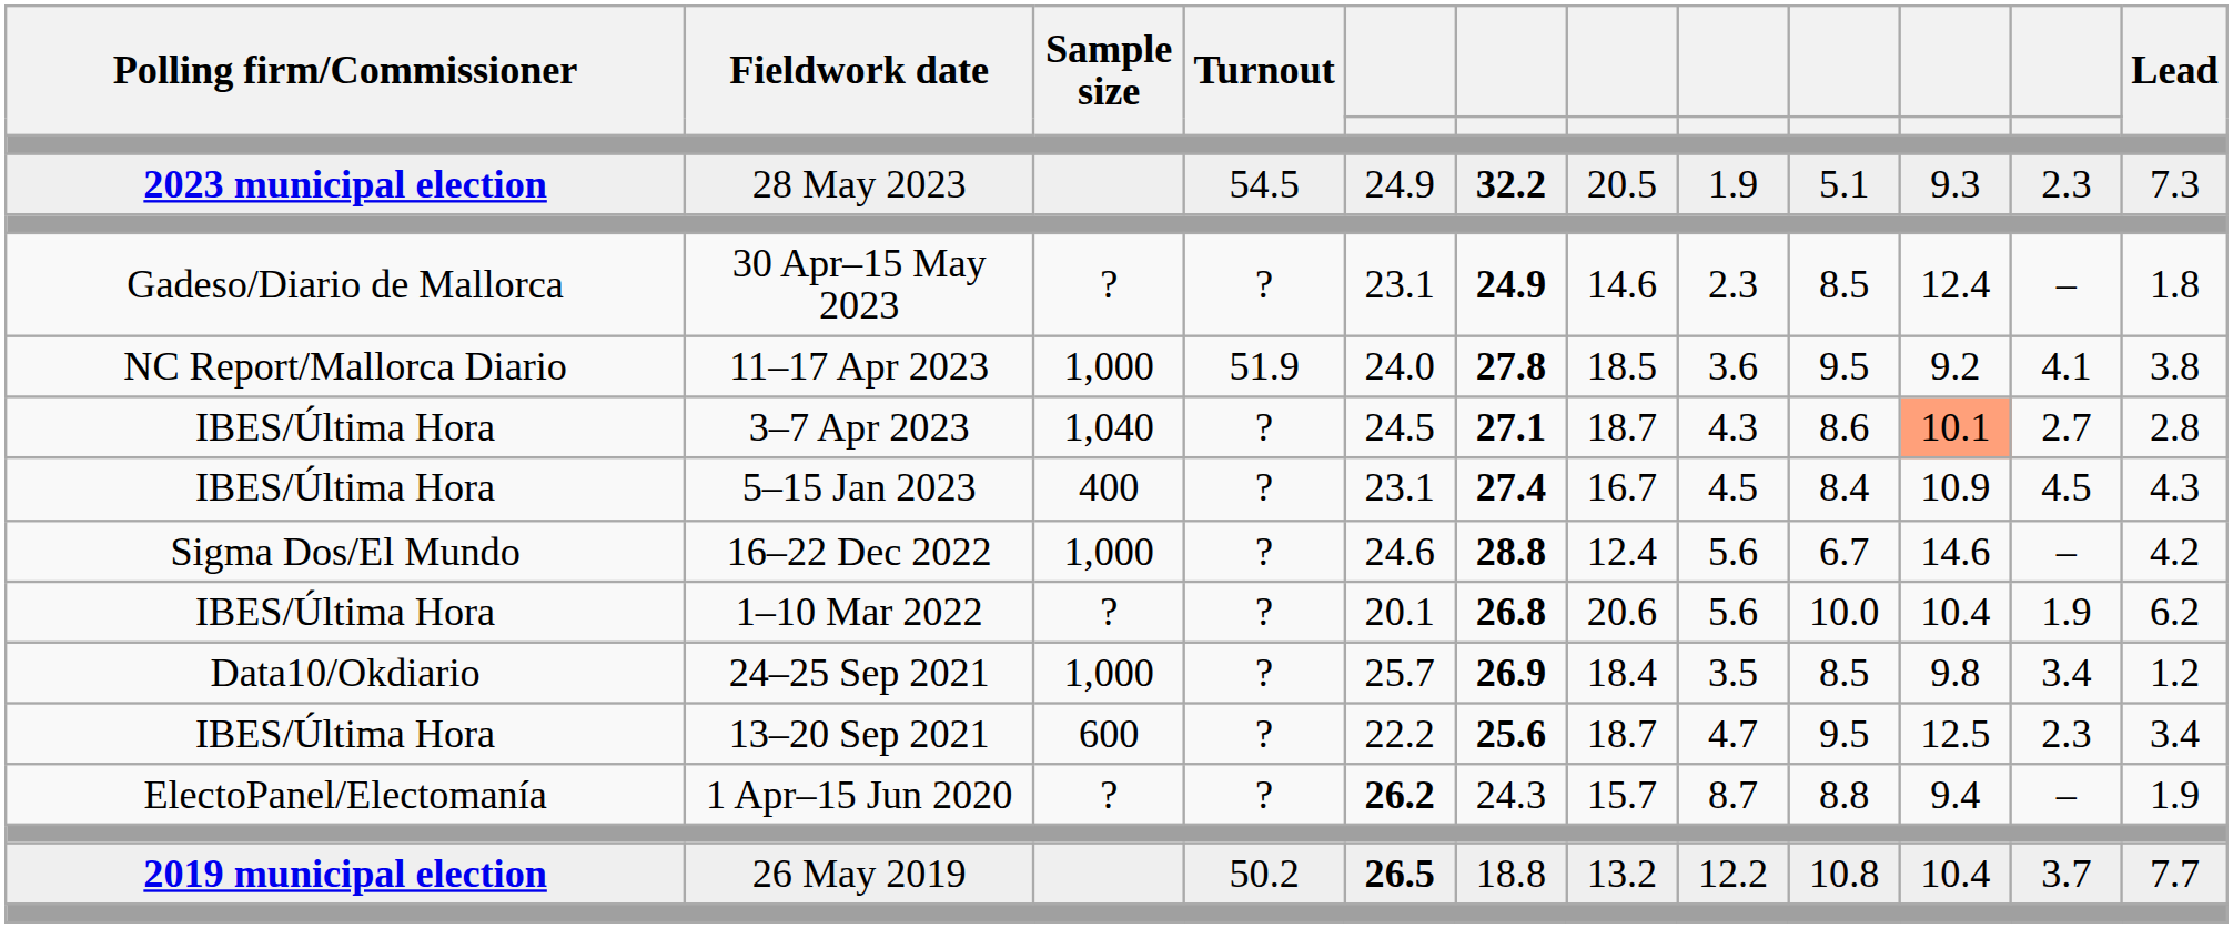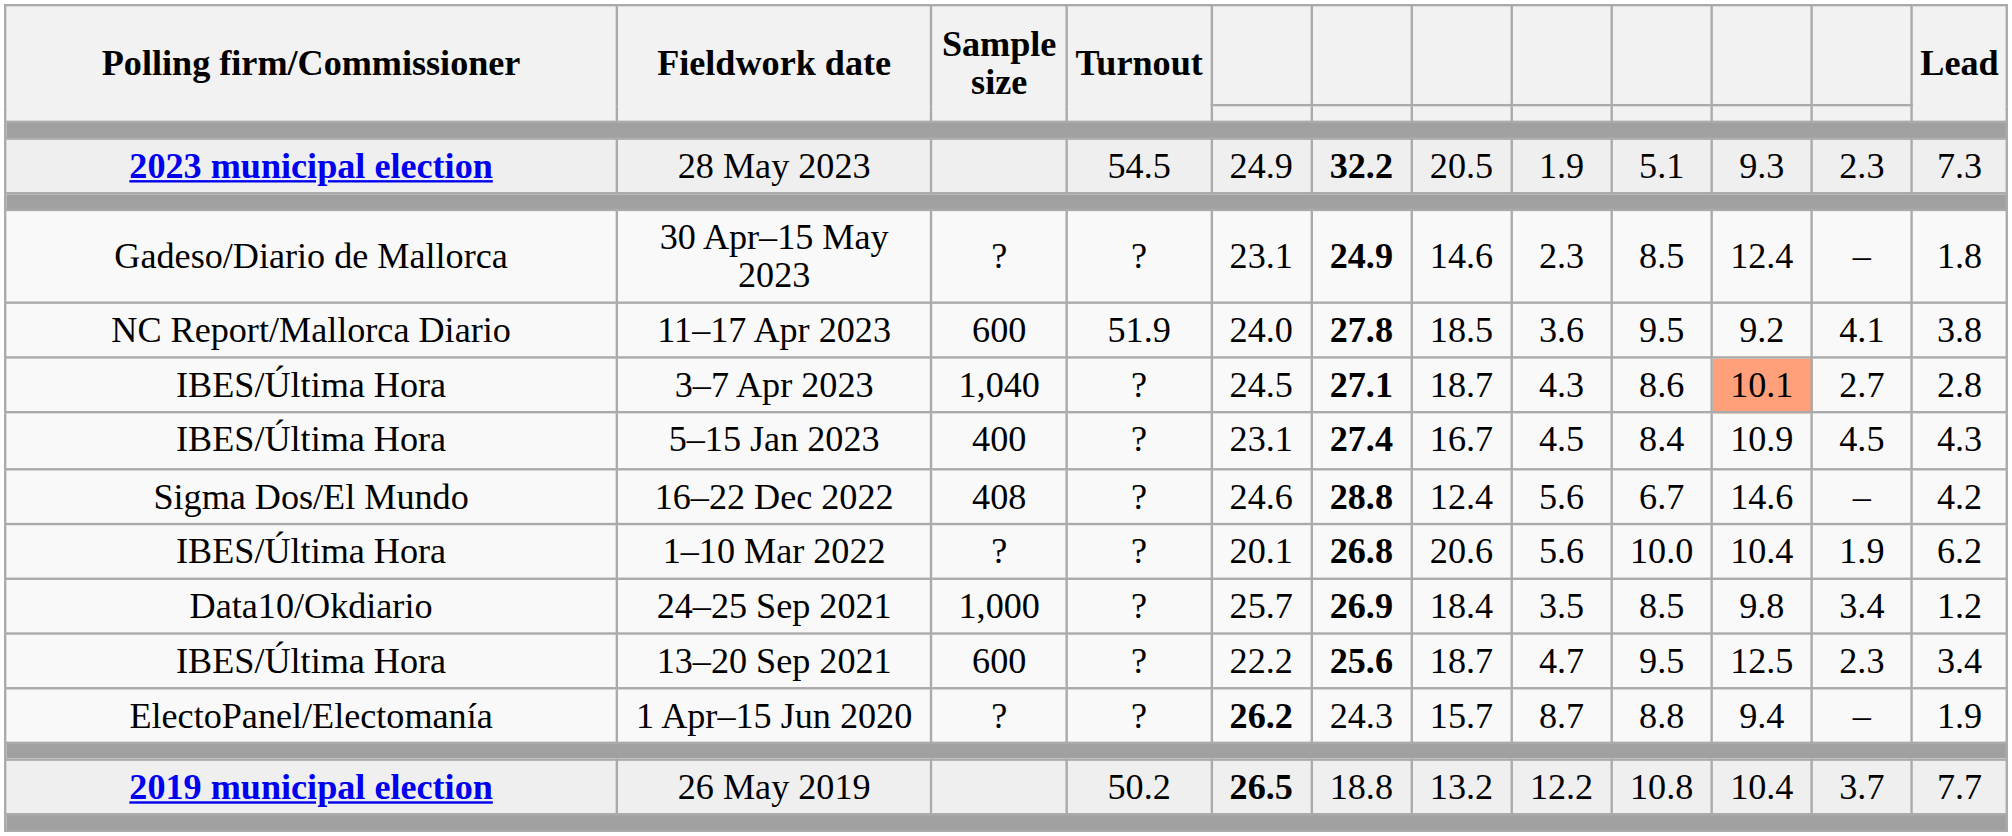 <table class="wikitable collapsible collapsed" style="text-align:center; font-size:95%; line-height:16px;">
 <tr style="height:42px;">
 <th style="width:250px;" rowspan="2">Polling firm/Commissioner</th>
 <th style="width:125px;" rowspan="2">Fieldwork date</th>
 <th style="width:50px;" rowspan="2">Sample size</th>
 <th style="width:45px;" rowspan="2">Turnout</th>
 <th style="width:35px;"></th>
 <th style="width:35px;"></th>
 <th style="width:35px;"></th>
 <th style="width:35px;"></th>
 <th style="width:35px;"></th>
 <th style="width:35px;"></th>
 <th style="width:35px;"></th>
 <th style="width:30px;" rowspan="2">Lead</th>
 </tr>
 <tr>
 <th style="color:inherit;background:"></th>
 <th style="color:inherit;background:"></th>
 <th style="color:inherit;background:"></th>
 <th style="color:inherit;background:"></th>
 <th style="color:inherit;background:"></th>
 <th style="color:inherit;background:"></th>
 <th style="color:inherit;background:"></th>
 </tr>
 <tr>
 <td colspan="12" style="background:#A0A0A0"></td>
 </tr>
 <tr style="background:#EFEFEF;">
 <td><strong><a href='#'>2023 municipal election</a></strong></td>
 <td>28 May 2023</td>
 <td></td>
 <td>54.5</td>
 <td>24.9<br></td>
 <td><strong>32.2</strong><br></td>
 <td>20.5<br></td>
 <td>1.9<br></td>
 <td>5.1<br></td>
 <td>9.3<br></td>
 <td>2.3<br></td>
 <td style="background:">7.3</td>
 </tr>
 <tr>
 <td colspan="12" style="background:#A0A0A0"></td>
 </tr>
 <tr>
 <td>Gadeso/Diario de Mallorca</td>
 <td>30 Apr–15 May 2023</td>
 <td>?</td>
 <td>?</td>
 <td>23.1<br></td>
 <td><strong>24.9</strong><br></td>
 <td>14.6<br></td>
 <td>2.3<br></td>
 <td>8.5<br></td>
 <td>12.4<br></td>
 <td>–</td>
 <td style="background:">1.8</td>
 </tr>
 <tr>
 <td>NC Report/Mallorca Diario</td>
 <td>11–17 Apr 2023</td>
-<td>1,000</td>
+<td>600</td>
 <td>51.9</td>
 <td>24.0<br></td>
 <td><strong>27.8</strong><br></td>
 <td>18.5<br></td>
 <td>3.6<br></td>
 <td>9.5<br></td>
 <td>9.2<br></td>
 <td>4.1<br></td>
 <td style="background:">3.8</td>
 </tr>
 <tr>
 <td>IBES/Última Hora</td>
 <td>3–7 Apr 2023</td>
 <td>1,040</td>
 <td>?</td>
 <td>24.5<br></td>
 <td><strong>27.1</strong><br></td>
 <td>18.7<br></td>
 <td>4.3<br></td>
 <td>8.6<br></td>
 <td style="background: lightsalmon;">10.1<br></td>
 <td>2.7<br></td>
 <td style="background:">2.8</td>
 </tr>
 <tr>
 <td>IBES/Última Hora</td>
 <td>5–15 Jan 2023</td>
 <td>400</td>
 <td>?</td>
 <td>23.1<br></td>
 <td><strong>27.4</strong><br></td>
 <td>16.7<br></td>
 <td>4.5<br></td>
 <td>8.4<br></td>
 <td>10.9<br></td>
 <td>4.5<br></td>
 <td style="background:">4.3</td>
 </tr>
 <tr>
 <td>Sigma Dos/El Mundo</td>
 <td>16–22 Dec 2022</td>
-<td>1,000</td>
+<td>408</td>
 <td>?</td>
 <td>24.6<br></td>
 <td><strong>28.8</strong><br></td>
 <td>12.4<br></td>
 <td>5.6<br></td>
 <td>6.7<br></td>
 <td>14.6<br></td>
 <td>–</td>
 <td style="background:">4.2</td>
 </tr>
 <tr>
 <td>IBES/Última Hora</td>
 <td>1–10 Mar 2022</td>
 <td>?</td>
 <td>?</td>
 <td>20.1<br></td>
 <td><strong>26.8</strong><br></td>
 <td>20.6<br></td>
 <td>5.6<br></td>
 <td>10.0<br></td>
 <td>10.4<br></td>
 <td>1.9<br></td>
 <td style="background:">6.2</td>
 </tr>
 <tr>
 <td>Data10/Okdiario</td>
 <td>24–25 Sep 2021</td>
 <td>1,000</td>
 <td>?</td>
 <td>25.7<br></td>
 <td><strong>26.9</strong><br></td>
 <td>18.4<br></td>
 <td>3.5<br></td>
 <td>8.5<br></td>
 <td>9.8<br></td>
 <td>3.4<br></td>
 <td style="background:">1.2</td>
 </tr>
 <tr>
 <td>IBES/Última Hora</td>
 <td>13–20 Sep 2021</td>
 <td>600</td>
 <td>?</td>
 <td>22.2<br></td>
 <td><strong>25.6</strong><br></td>
 <td>18.7<br></td>
 <td>4.7<br></td>
 <td>9.5<br></td>
 <td>12.5<br></td>
 <td>2.3<br></td>
 <td style="background:">3.4</td>
 </tr>
 <tr>
 <td>ElectoPanel/Electomanía</td>
 <td>1 Apr–15 Jun 2020</td>
 <td>?</td>
 <td>?</td>
 <td><strong>26.2</strong><br></td>
 <td>24.3<br></td>
 <td>15.7<br></td>
 <td>8.7<br></td>
 <td>8.8<br></td>
 <td>9.4<br></td>
 <td>–</td>
 <td style="background:">1.9</td>
 </tr>
 <tr>
 <td colspan="12" style="background:#A0A0A0"></td>
 </tr>
 <tr style="background:#EFEFEF;">
 <td><strong><a href='#'>2019 municipal election</a></strong></td>
 <td>26 May 2019</td>
 <td></td>
 <td>50.2</td>
 <td><strong>26.5</strong><br></td>
 <td>18.8<br></td>
 <td>13.2<br></td>
 <td>12.2<br></td>
 <td>10.8<br></td>
 <td>10.4<br></td>
 <td>3.7<br></td>
 <td style="background:">7.7</td>
 </tr>
 <tr>
 <td colspan="12" style="background:#A0A0A0"></td>
 </tr>
 </table>
